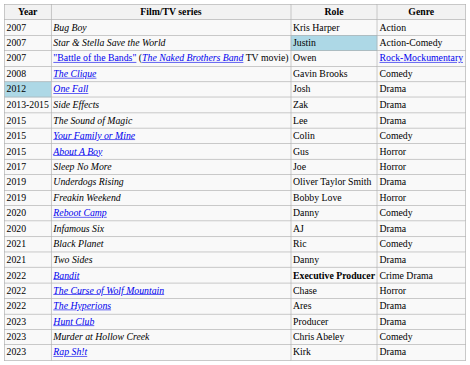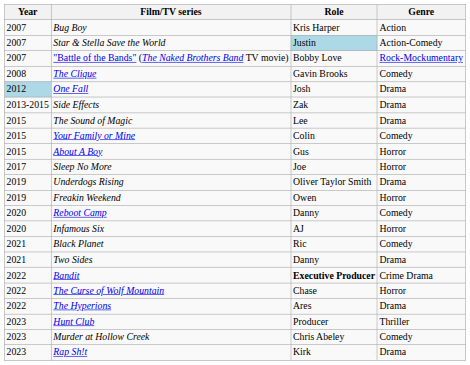 <table class="wikitable">
 <tr>
 <th>Year</th>
 <th>Film/TV series</th>
 <th>Role</th>
 <th>Genre</th>
 </tr>
 <tr>
 <td>2007</td>
 <td><em>Bug Boy</em></td>
 <td>Kris Harper</td>
 <td>Action</td>
 </tr>
 <tr>
 <td>2007</td>
 <td><em>Star & Stella Save the World</em></td>
 <td style="background: lightblue;">Justin</td>
 <td>Action-Comedy</td>
 </tr>
 <tr>
 <td>2007</td>
 <td><a href='#'>"Battle of the Bands"</a> (<em><a href='#'>The Naked Brothers Band</a></em> TV movie)</td>
-<td>Owen</td>
+<td>Bobby Love</td>
 <td><a href='#'>Rock-</a><a href='#'>Mockumentary</a></td>
 </tr>
 <tr>
 <td>2008</td>
 <td><em><a href='#'>The Clique</a></em></td>
 <td>Gavin Brooks</td>
 <td>Comedy</td>
 </tr>
 <tr>
 <td style="background: lightblue;">2012</td>
 <td><em><a href='#'>One Fall</a></em></td>
 <td>Josh</td>
 <td>Drama</td>
 </tr>
 <tr>
 <td>2013-2015</td>
 <td><em>Side Effects</em></td>
 <td>Zak</td>
 <td>Drama</td>
 </tr>
 <tr>
 <td>2015</td>
 <td><em>The Sound of Magic</em></td>
 <td>Lee</td>
 <td>Drama</td>
 </tr>
 <tr>
 <td>2015</td>
 <td><em><a href='#'>Your Family or Mine</a></em></td>
 <td>Colin</td>
 <td>Comedy</td>
 </tr>
 <tr>
 <td>2015</td>
 <td><em><a href='#'>About A Boy</a></em></td>
 <td>Gus</td>
 <td>Horror</td>
 </tr>
 <tr>
 <td>2017</td>
 <td><em>Sleep No More</em></td>
 <td>Joe</td>
 <td>Horror</td>
 </tr>
 <tr>
 <td>2019</td>
 <td><em>Underdogs Rising</em></td>
 <td>Oliver Taylor Smith</td>
 <td>Drama</td>
 </tr>
 <tr>
 <td>2019</td>
 <td><em>Freakin Weekend</em></td>
-<td>Bobby Love</td>
+<td>Owen</td>
 <td>Horror</td>
 </tr>
 <tr>
 <td>2020</td>
 <td><em><a href='#'>Reboot Camp</a></em></td>
 <td>Danny</td>
 <td>Comedy</td>
 </tr>
 <tr>
 <td>2020</td>
 <td><em>Infamous Six</em></td>
 <td>AJ</td>
-<td>Drama</td>
+<td>Horror</td>
 </tr>
 <tr>
 <td>2021</td>
 <td><em>Black Planet</em></td>
 <td>Ric</td>
 <td>Comedy</td>
 </tr>
 <tr>
 <td>2021</td>
 <td><em>Two Sides</em></td>
 <td>Danny</td>
 <td>Drama</td>
 </tr>
 <tr>
 <td>2022</td>
 <td><em><a href='#'>Bandit</a></em></td>
 <td><strong>Executive Producer</strong></td>
 <td>Crime Drama</td>
 </tr>
 <tr>
 <td>2022</td>
 <td><em><a href='#'>The Curse of Wolf Mountain</a></em></td>
 <td>Chase</td>
 <td>Horror</td>
 </tr>
 <tr>
 <td>2022</td>
 <td><em><a href='#'>The Hyperions</a></em></td>
 <td>Ares</td>
 <td>Drama</td>
 </tr>
 <tr>
 <td>2023</td>
 <td><em><a href='#'>Hunt Club</a></em></td>
 <td>Producer</td>
-<td>Drama</td>
+<td>Thriller</td>
 </tr>
 <tr>
 <td>2023</td>
 <td><em>Murder at Hollow Creek</em></td>
 <td>Chris Abeley</td>
 <td>Comedy</td>
 </tr>
 <tr>
 <td>2023</td>
 <td><em><a href='#'>Rap Sh!t</a></em></td>
 <td>Kirk</td>
 <td>Drama</td>
 </tr>
 </table>
